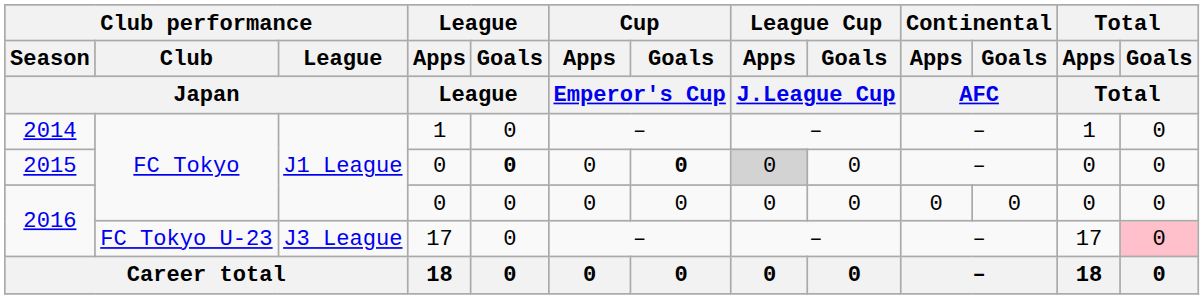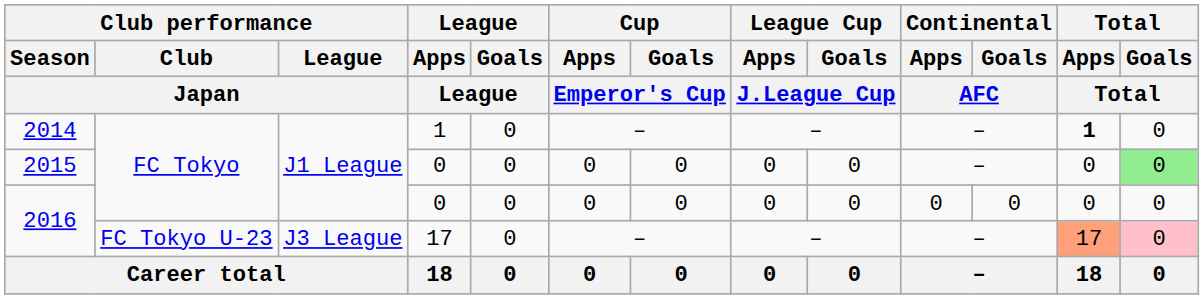 <table class="wikitable" style="text-align:center">
 <tr>
 <th colspan=3>Club performance</th>
 <th colspan=2>League</th>
 <th colspan=2>Cup</th>
 <th colspan=2>League Cup</th>
 <th colspan=2>Continental</th>
 <th colspan=2>Total</th>
 </tr>
 <tr>
 <th>Season</th>
 <th>Club</th>
 <th>League</th>
 <th>Apps</th>
 <th>Goals</th>
 <th>Apps</th>
 <th>Goals</th>
 <th>Apps</th>
 <th>Goals</th>
 <th>Apps</th>
 <th>Goals</th>
 <th>Apps</th>
 <th>Goals</th>
 </tr>
 <tr>
 <th colspan=3>Japan</th>
 <th colspan=2>League</th>
 <th colspan=2><a href='#'>Emperor's Cup</a></th>
 <th colspan=2><a href='#'>J.League Cup</a></th>
 <th colspan=2><a href='#'>AFC</a></th>
 <th colspan=2>Total</th>
 </tr>
 <tr>
 <td><a href='#'>2014</a></td>
 <td rowspan="3"><a href='#'>FC Tokyo</a></td>
 <td rowspan="3"><a href='#'>J1 League</a></td>
 <td>1</td>
 <td>0</td>
 <td colspan="2">–</td>
 <td colspan="2">–</td>
 <td colspan="2">–</td>
-<td>1</td>
+<td><strong>1</strong></td>
 <td>0</td>
 </tr>
 <tr>
 <td><a href='#'>2015</a></td>
 <td>0</td>
-<td><strong>0</strong></td>
 <td>0</td>
-<td><strong>0</strong></td>
-<td style="background: lightgrey;">0</td>
+<td>0</td>
+<td>0</td>
+<td>0</td>
 <td>0</td>
 <td colspan="2">–</td>
 <td>0</td>
-<td>0</td>
+<td style="background: lightgreen;">0</td>
 </tr>
 <tr>
 <td rowspan="2"><a href='#'>2016</a></td>
 <td>0</td>
 <td>0</td>
 <td>0</td>
 <td>0</td>
 <td>0</td>
 <td>0</td>
 <td>0</td>
 <td>0</td>
 <td>0</td>
 <td>0</td>
 </tr>
 <tr>
 <td><a href='#'>FC Tokyo U-23</a></td>
 <td><a href='#'>J3 League</a></td>
 <td>17</td>
 <td>0</td>
 <td colspan="2">–</td>
 <td colspan="2">–</td>
 <td colspan="2">–</td>
-<td>17</td>
+<td style="background: lightsalmon;">17</td>
 <td style="background: pink;">0</td>
 </tr>
 <tr>
 <th colspan=3>Career total</th>
 <th>18</th>
 <th>0</th>
 <th>0</th>
 <th>0</th>
 <th>0</th>
 <th>0</th>
 <th colspan="2">–</th>
 <th>18</th>
 <th>0</th>
 </tr>
 </table>
